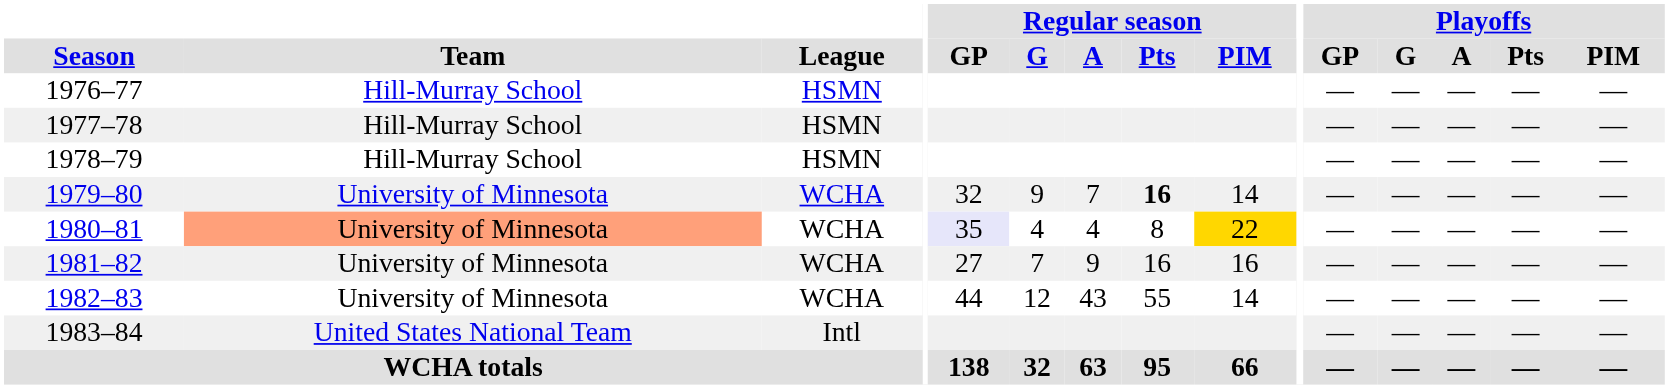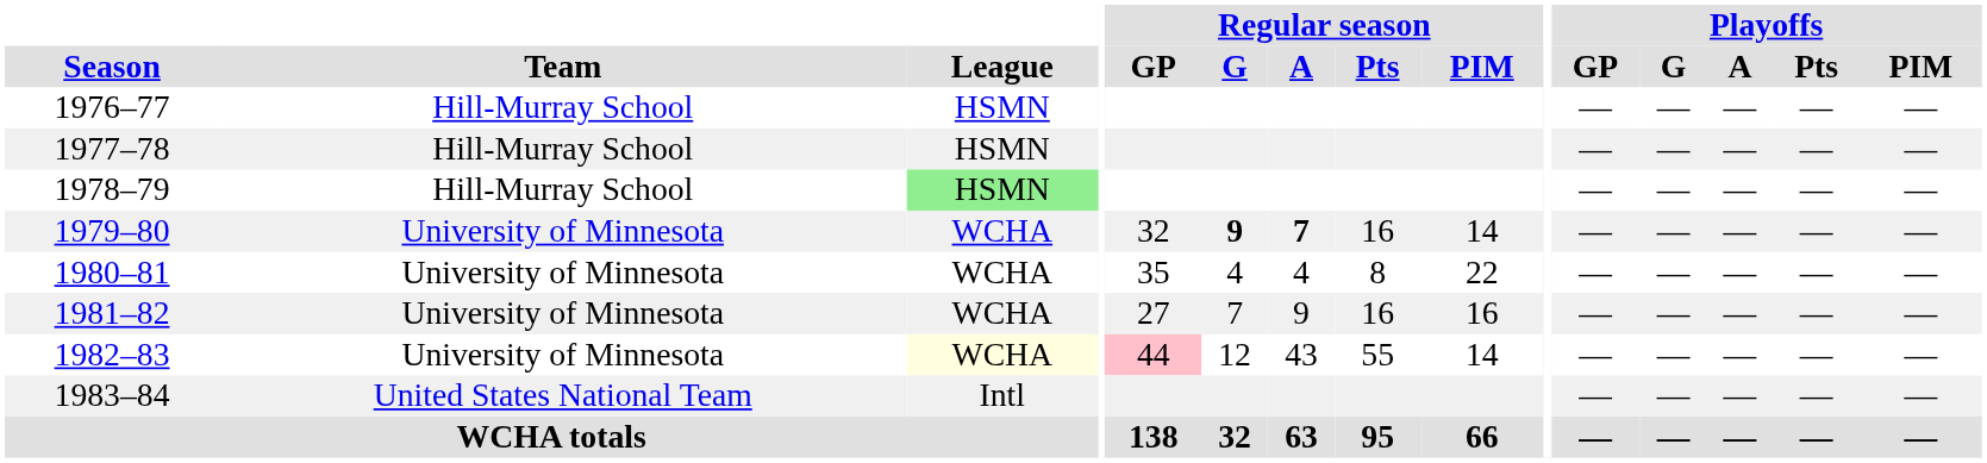 <table border="0" cellpadding="1" cellspacing="0" style="text-align:center; width:60em">
 <tr bgcolor="#e0e0e0">
 <th colspan="3" bgcolor="#ffffff"></th>
 <th rowspan="100" bgcolor="#ffffff"></th>
 <th colspan="5"><a href='#'>Regular season</a></th>
 <th rowspan="100" bgcolor="#ffffff"></th>
 <th colspan="5"><a href='#'>Playoffs</a></th>
 </tr>
 <tr bgcolor="#e0e0e0">
 <th><a href='#'>Season</a></th>
 <th>Team</th>
 <th>League</th>
 <th>GP</th>
 <th><a href='#'>G</a></th>
 <th><a href='#'>A</a></th>
 <th><a href='#'>Pts</a></th>
 <th><a href='#'>PIM</a></th>
 <th>GP</th>
 <th>G</th>
 <th>A</th>
 <th>Pts</th>
 <th>PIM</th>
 </tr>
 <tr>
 <td>1976–77</td>
 <td><a href='#'>Hill-Murray School</a></td>
 <td><a href='#'>HSMN</a></td>
 <td></td>
 <td></td>
 <td></td>
 <td></td>
 <td></td>
 <td>—</td>
 <td>—</td>
 <td>—</td>
 <td>—</td>
 <td>—</td>
 </tr>
 <tr bgcolor="#f0f0f0">
 <td>1977–78</td>
 <td>Hill-Murray School</td>
 <td>HSMN</td>
 <td></td>
 <td></td>
 <td></td>
 <td></td>
 <td></td>
 <td>—</td>
 <td>—</td>
 <td>—</td>
 <td>—</td>
 <td>—</td>
 </tr>
 <tr>
 <td>1978–79</td>
 <td>Hill-Murray School</td>
-<td>HSMN</td>
+<td style="background: lightgreen;">HSMN</td>
 <td></td>
 <td></td>
 <td></td>
 <td></td>
 <td></td>
 <td>—</td>
 <td>—</td>
 <td>—</td>
 <td>—</td>
 <td>—</td>
 </tr>
 <tr bgcolor="#f0f0f0">
 <td><a href='#'>1979–80</a></td>
 <td><a href='#'>University of Minnesota</a></td>
 <td><a href='#'>WCHA</a></td>
 <td>32</td>
-<td>9</td>
-<td>7</td>
-<td><strong>16</strong></td>
+<td><strong>9</strong></td>
+<td><strong>7</strong></td>
+<td>16</td>
 <td>14</td>
 <td>—</td>
 <td>—</td>
 <td>—</td>
 <td>—</td>
 <td>—</td>
 </tr>
 <tr>
 <td><a href='#'>1980–81</a></td>
-<td style="background: lightsalmon;">University of Minnesota</td>
+<td>University of Minnesota</td>
 <td>WCHA</td>
-<td style="background: lavender;">35</td>
+<td>35</td>
 <td>4</td>
 <td>4</td>
 <td>8</td>
-<td style="background: gold;">22</td>
+<td>22</td>
 <td>—</td>
 <td>—</td>
 <td>—</td>
 <td>—</td>
 <td>—</td>
 </tr>
 <tr bgcolor="#f0f0f0">
 <td><a href='#'>1981–82</a></td>
 <td>University of Minnesota</td>
 <td>WCHA</td>
 <td>27</td>
 <td>7</td>
 <td>9</td>
 <td>16</td>
 <td>16</td>
 <td>—</td>
 <td>—</td>
 <td>—</td>
 <td>—</td>
 <td>—</td>
 </tr>
 <tr>
 <td><a href='#'>1982–83</a></td>
 <td>University of Minnesota</td>
-<td>WCHA</td>
-<td>44</td>
+<td style="background: lightyellow;">WCHA</td>
+<td style="background: pink;">44</td>
 <td>12</td>
 <td>43</td>
 <td>55</td>
 <td>14</td>
 <td>—</td>
 <td>—</td>
 <td>—</td>
 <td>—</td>
 <td>—</td>
 </tr>
 <tr bgcolor="#f0f0f0">
 <td>1983–84</td>
 <td><a href='#'>United States National Team</a></td>
 <td>Intl</td>
 <td></td>
 <td></td>
 <td></td>
 <td></td>
 <td></td>
 <td>—</td>
 <td>—</td>
 <td>—</td>
 <td>—</td>
 <td>—</td>
 </tr>
 <tr bgcolor="#e0e0e0">
 <th colspan="3">WCHA totals</th>
 <th>138</th>
 <th>32</th>
 <th>63</th>
 <th>95</th>
 <th>66</th>
 <th>—</th>
 <th>—</th>
 <th>—</th>
 <th>—</th>
 <th>—</th>
 </tr>
 </table>
